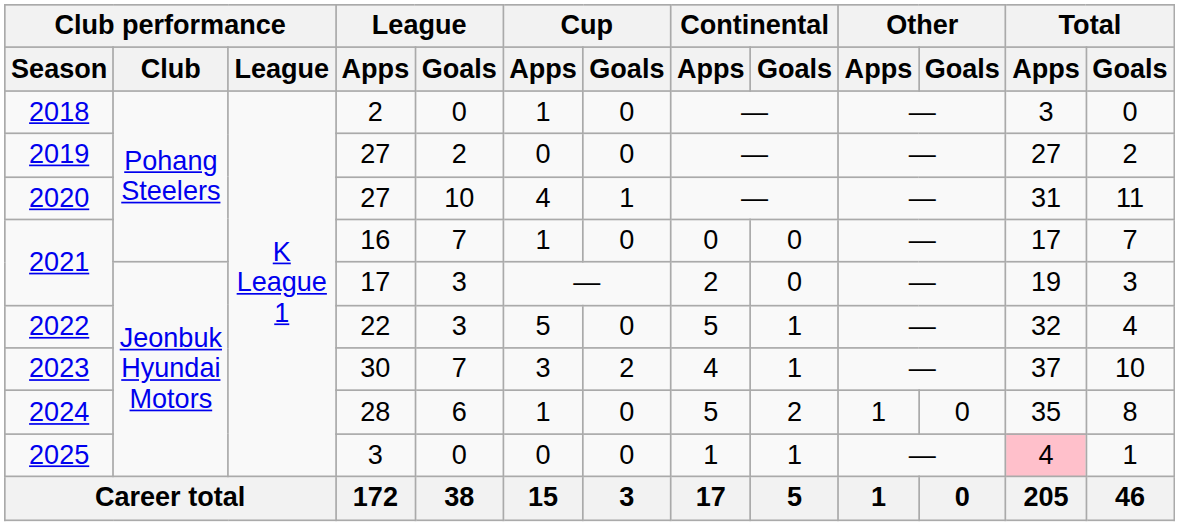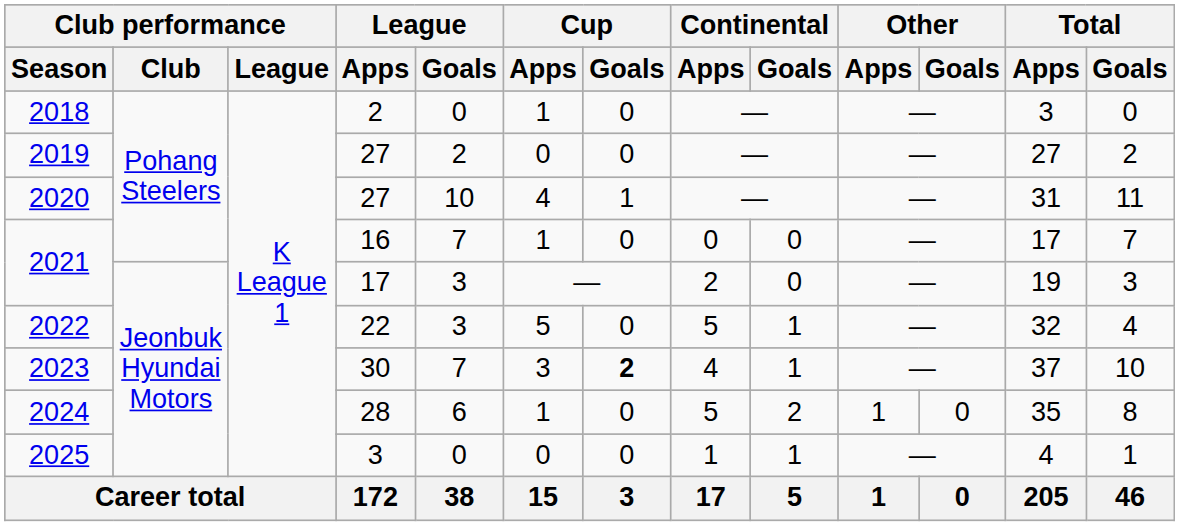 <table class="wikitable" style="text-align:center">
 <tr>
 <th colspan=3>Club performance</th>
 <th colspan=2>League</th>
 <th colspan=2>Cup</th>
 <th colspan=2>Continental</th>
 <th colspan=2>Other</th>
 <th colspan=2>Total</th>
 </tr>
 <tr>
 <th>Season</th>
 <th>Club</th>
 <th>League</th>
 <th>Apps</th>
 <th>Goals</th>
 <th>Apps</th>
 <th>Goals</th>
 <th>Apps</th>
 <th>Goals</th>
 <th>Apps</th>
 <th>Goals</th>
 <th>Apps</th>
 <th>Goals</th>
 </tr>
 <tr>
 <td><a href='#'>2018</a></td>
 <td rowspan="4"><a href='#'>Pohang Steelers</a></td>
 <td rowspan="9"><a href='#'>K League 1</a></td>
 <td>2</td>
 <td>0</td>
 <td>1</td>
 <td>0</td>
 <td colspan=2>—</td>
 <td colspan=2>—</td>
 <td>3</td>
 <td>0</td>
 </tr>
 <tr>
 <td><a href='#'>2019</a></td>
 <td>27</td>
 <td>2</td>
 <td>0</td>
 <td>0</td>
 <td colspan=2>—</td>
 <td colspan=2>—</td>
 <td>27</td>
 <td>2</td>
 </tr>
 <tr>
 <td><a href='#'>2020</a></td>
 <td>27</td>
 <td>10</td>
 <td>4</td>
 <td>1</td>
 <td colspan=2>—</td>
 <td colspan=2>—</td>
 <td>31</td>
 <td>11</td>
 </tr>
 <tr>
 <td rowspan="2"><a href='#'>2021</a></td>
 <td>16</td>
 <td>7</td>
 <td>1</td>
 <td>0</td>
 <td>0</td>
 <td>0</td>
 <td colspan=2>—</td>
 <td>17</td>
 <td>7</td>
 </tr>
 <tr>
 <td rowspan="5"><a href='#'>Jeonbuk Hyundai Motors</a></td>
 <td>17</td>
 <td>3</td>
 <td colspan=2>—</td>
 <td>2</td>
 <td>0</td>
 <td colspan=2>—</td>
 <td>19</td>
 <td>3</td>
 </tr>
 <tr>
 <td><a href='#'>2022</a></td>
 <td>22</td>
 <td>3</td>
 <td>5</td>
 <td>0</td>
 <td>5</td>
 <td>1</td>
 <td colspan=2>—</td>
 <td>32</td>
 <td>4</td>
 </tr>
 <tr>
 <td><a href='#'>2023</a></td>
 <td>30</td>
 <td>7</td>
 <td>3</td>
-<td>2</td>
+<td><strong>2</strong></td>
 <td>4</td>
 <td>1</td>
 <td colspan=2>—</td>
 <td>37</td>
 <td>10</td>
 </tr>
 <tr>
 <td><a href='#'>2024</a></td>
 <td>28</td>
 <td>6</td>
 <td>1</td>
 <td>0</td>
 <td>5</td>
 <td>2</td>
 <td>1</td>
 <td>0</td>
 <td>35</td>
 <td>8</td>
 </tr>
 <tr>
 <td><a href='#'>2025</a></td>
 <td>3</td>
 <td>0</td>
 <td>0</td>
 <td>0</td>
 <td>1</td>
 <td>1</td>
 <td colspan=2>—</td>
-<td style="background: pink;">4</td>
+<td>4</td>
 <td>1</td>
 </tr>
 <tr>
 <th colspan=3>Career total</th>
 <th>172</th>
 <th>38</th>
 <th>15</th>
 <th>3</th>
 <th>17</th>
 <th>5</th>
 <th>1</th>
 <th>0</th>
 <th>205</th>
 <th>46</th>
 </tr>
 </table>
